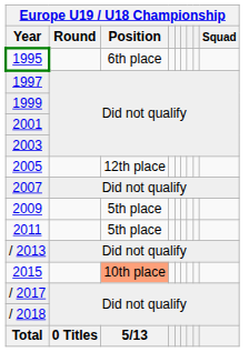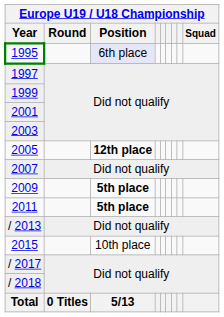 <table class="wikitable" style="text-align: center;">
 <tr>
 <th colspan=9><a href='#'>Europe U19 / U18 Championship</a></th>
 </tr>
 <tr>
 <th>Year</th>
 <th>Round</th>
 <th>Position</th>
 <th></th>
 <th></th>
 <th></th>
 <th></th>
 <th></th>
 <th><small>Squad</small></th>
 </tr>
 <tr>
 <td style="border:3px solid green"> <a href='#'>1995</a></td>
 <td></td>
-<td>6th place</td>
+<td style="background: lavender;">6th place</td>
 <td></td>
 <td></td>
 <td></td>
 <td></td>
 <td></td>
 <td></td>
 </tr>
 <tr bgcolor="efefef">
 <td> <a href='#'>1997</a></td>
 <td colspan=9 rowspan=4>Did not qualify</td>
 </tr>
 <tr bgcolor="efefef">
 <td> <a href='#'>1999</a></td>
 </tr>
 <tr bgcolor="efefef">
 <td> <a href='#'>2001</a></td>
 </tr>
 <tr bgcolor="efefef">
 <td> <a href='#'>2003</a></td>
 </tr>
 <tr>
 <td> <a href='#'>2005</a></td>
 <td></td>
-<td>12th place</td>
+<td><strong>12th place</strong></td>
 <td></td>
 <td></td>
 <td></td>
 <td></td>
 <td></td>
 <td></td>
 </tr>
 <tr bgcolor="efefef">
 <td> <a href='#'>2007</a></td>
 <td colspan=9>Did not qualify</td>
 </tr>
 <tr>
 <td> <a href='#'>2009</a></td>
 <td></td>
-<td>5th place</td>
+<td><strong>5th place</strong></td>
 <td></td>
 <td></td>
 <td></td>
 <td></td>
 <td></td>
 <td></td>
 </tr>
 <tr>
 <td> <a href='#'>2011</a></td>
 <td></td>
-<td>5th place</td>
+<td><strong>5th place</strong></td>
 <td></td>
 <td></td>
 <td></td>
 <td></td>
 <td></td>
 <td></td>
 </tr>
 <tr bgcolor="efefef">
 <td>/ <a href='#'>2013</a></td>
 <td colspan=9>Did not qualify</td>
 </tr>
 <tr>
 <td> <a href='#'>2015</a></td>
 <td></td>
-<td style="background: lightsalmon;">10th place</td>
+<td>10th place</td>
 <td></td>
 <td></td>
 <td></td>
 <td></td>
 <td></td>
 <td></td>
 </tr>
 <tr bgcolor="efefef">
 <td>/ <a href='#'>2017</a></td>
 <td colspan=9 rowspan=2>Did not qualify</td>
 </tr>
 <tr bgcolor="efefef">
 <td>/ <a href='#'>2018</a></td>
 </tr>
 <tr>
 <th>Total</th>
 <th>0 Titles</th>
 <th>5/13</th>
 <th></th>
 <th></th>
 <th></th>
 <th></th>
 <th></th>
 <th></th>
 </tr>
 </table>
